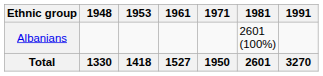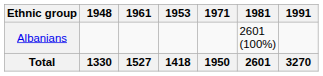 <table class="wikitable" border="1">
 <tr>
 <th>Ethnic group</th>
 <th style=width:3em>1948</th>
+<th style=width:3em>1961</th>
 <th style=width:3em>1953</th>
-<th style=width:3em>1961</th>
 <th style=width:3em>1971</th>
 <th style=width:3em>1981</th>
 <th style=width:3em>1991</th>
 </tr>
 <tr>
 <th style=font-weight:300><a href='#'>Albanians</a></th>
 <td></td>
 <td></td>
 <td></td>
 <td></td>
 <td>2601 (100%)</td>
 <td></td>
 </tr>
 <tr>
 <th>Total</th>
 <th>1330</th>
+<th>1527</th>
 <th>1418</th>
-<th>1527</th>
 <th>1950</th>
 <th>2601 </th>
 <th>3270</th>
 </tr>
 </table>
